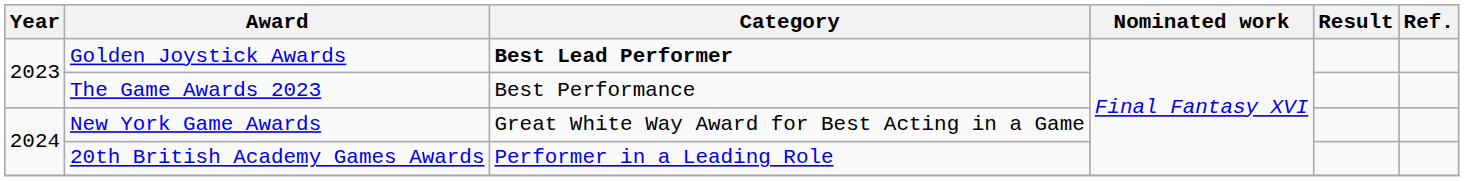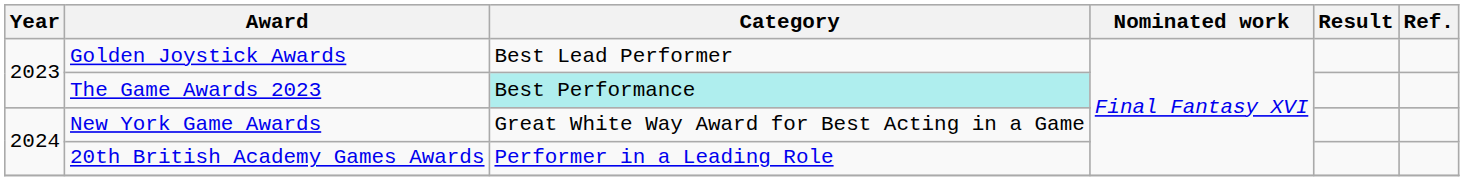 <table class=wikitable>
 <tr>
 <th scope="col">Year</th>
 <th scope="col">Award</th>
 <th scope="col">Category</th>
 <th scope="col">Nominated work</th>
 <th scope="col">Result</th>
 <th>Ref.</th>
 </tr>
 <tr>
 <td rowspan="2">2023</td>
 <td><a href='#'>Golden Joystick Awards</a></td>
-<td><strong>Best Lead Performer</strong></td>
+<td>Best Lead Performer</td>
 <td rowspan="4"><em><a href='#'>Final Fantasy XVI</a></em></td>
 <td></td>
 <td></td>
 </tr>
 <tr>
 <td><a href='#'>The Game Awards 2023</a></td>
-<td>Best Performance</td>
+<td style="background: paleturquoise;">Best Performance</td>
 <td></td>
 <td></td>
 </tr>
 <tr>
 <td rowspan="2">2024</td>
 <td><a href='#'>New York Game Awards</a></td>
 <td>Great White Way Award for Best Acting in a Game</td>
 <td></td>
 <td></td>
 </tr>
 <tr>
 <td><a href='#'>20th British Academy Games Awards</a></td>
 <td><a href='#'>Performer in a Leading Role</a></td>
 <td></td>
 <td></td>
 </tr>
 <tr>
 </tr>
 </table>
